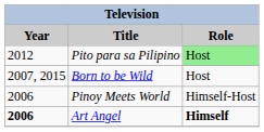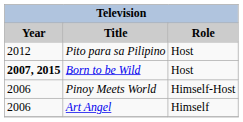 <table class="wikitable">
 <tr align="center">
 <th colspan=4 style="background:#B0C4DE;">Television</th>
 </tr>
 <tr align="center">
 <th style="background: #CCCCCC;">Year</th>
 <th style="background: #CCCCCC;">Title</th>
 <th style="background: #CCCCCC;">Role</th>
 </tr>
 <tr>
 <td>2012</td>
 <td><em>Pito para sa Pilipino</em></td>
-<td style="background: lightgreen;">Host</td>
+<td>Host</td>
 </tr>
 <tr>
-<td>2007, 2015</td>
+<td><strong>2007, 2015</strong></td>
 <td><em><a href='#'>Born to be Wild</a></em></td>
 <td>Host</td>
 </tr>
 <tr>
 <td>2006</td>
 <td><em>Pinoy Meets World</em></td>
 <td>Himself-Host</td>
 </tr>
 <tr>
-<td><strong>2006</strong></td>
+<td>2006</td>
 <td><em><a href='#'>Art Angel</a></em></td>
-<td><strong>Himself</strong></td>
+<td>Himself</td>
 </tr>
 <tr>
 </tr>
 </table>
